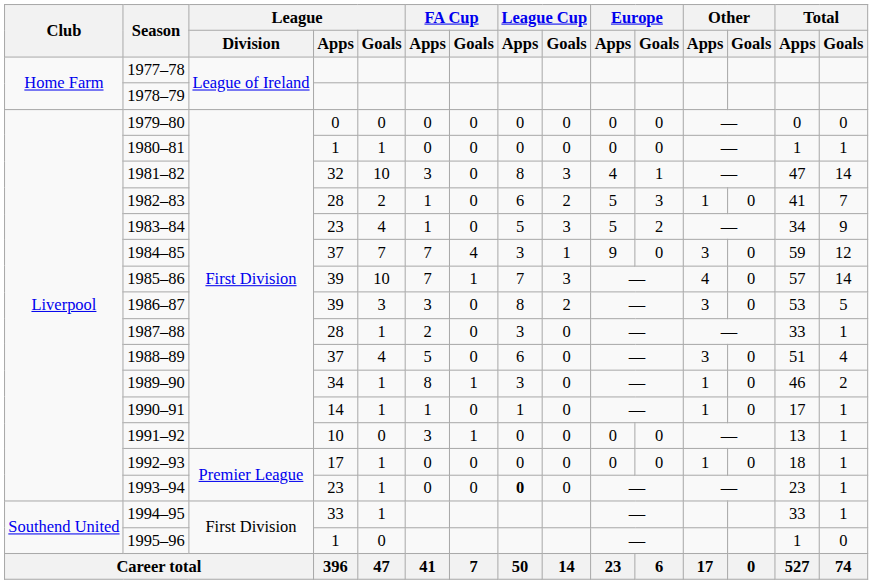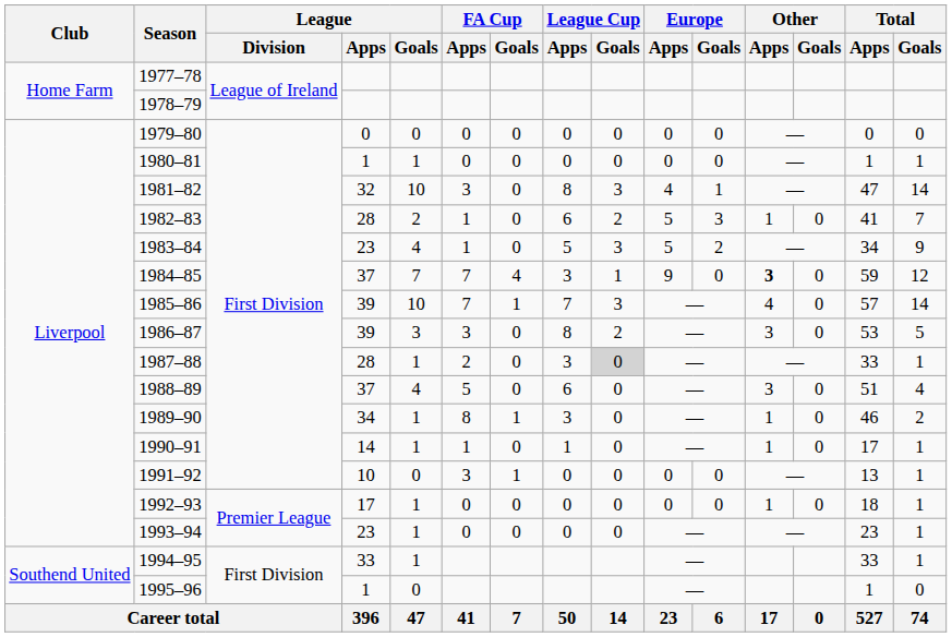 <table class="wikitable" style="text-align:center">
 <tr>
 <th rowspan="2">Club</th>
 <th rowspan="2">Season</th>
 <th colspan="3">League</th>
 <th colspan="2"><a href='#'>FA Cup</a></th>
 <th colspan="2"><a href='#'>League Cup</a></th>
 <th colspan="2"><a href='#'>Europe</a></th>
 <th colspan="2">Other</th>
 <th colspan="2">Total</th>
 </tr>
 <tr>
 <th>Division</th>
 <th>Apps</th>
 <th>Goals</th>
 <th>Apps</th>
 <th>Goals</th>
 <th>Apps</th>
 <th>Goals</th>
 <th>Apps</th>
 <th>Goals</th>
 <th>Apps</th>
 <th>Goals</th>
 <th>Apps</th>
 <th>Goals</th>
 </tr>
 <tr>
 <td rowspan="2"><a href='#'>Home Farm</a></td>
 <td>1977–78</td>
 <td rowspan="2"><a href='#'>League of Ireland</a></td>
 <td></td>
 <td></td>
 <td></td>
 <td></td>
 <td></td>
 <td></td>
 <td></td>
 <td></td>
 <td></td>
 <td></td>
 <td></td>
 <td></td>
 </tr>
 <tr>
 <td>1978–79</td>
 <td></td>
 <td></td>
 <td></td>
 <td></td>
 <td></td>
 <td></td>
 <td></td>
 <td></td>
 <td></td>
 <td></td>
 <td></td>
 <td></td>
 </tr>
 <tr>
 <td rowspan="15"><a href='#'>Liverpool</a></td>
 <td>1979–80</td>
 <td rowspan="13"><a href='#'>First Division</a></td>
 <td>0</td>
 <td>0</td>
 <td>0</td>
 <td>0</td>
 <td>0</td>
 <td>0</td>
 <td>0</td>
 <td>0</td>
 <td colspan="2">—</td>
 <td>0</td>
 <td>0</td>
 </tr>
 <tr>
 <td>1980–81</td>
 <td>1</td>
 <td>1</td>
 <td>0</td>
 <td>0</td>
 <td>0</td>
 <td>0</td>
 <td>0</td>
 <td>0</td>
 <td colspan="2">—</td>
 <td>1</td>
 <td>1</td>
 </tr>
 <tr>
 <td>1981–82</td>
 <td>32</td>
 <td>10</td>
 <td>3</td>
 <td>0</td>
 <td>8</td>
 <td>3</td>
 <td>4</td>
 <td>1</td>
 <td colspan="2">—</td>
 <td>47</td>
 <td>14</td>
 </tr>
 <tr>
 <td>1982–83</td>
 <td>28</td>
 <td>2</td>
 <td>1</td>
 <td>0</td>
 <td>6</td>
 <td>2</td>
 <td>5</td>
 <td>3</td>
 <td>1</td>
 <td>0</td>
 <td>41</td>
 <td>7</td>
 </tr>
 <tr>
 <td>1983–84</td>
 <td>23</td>
 <td>4</td>
 <td>1</td>
 <td>0</td>
 <td>5</td>
 <td>3</td>
 <td>5</td>
 <td>2</td>
 <td colspan="2">—</td>
 <td>34</td>
 <td>9</td>
 </tr>
 <tr>
 <td>1984–85</td>
 <td>37</td>
 <td>7</td>
 <td>7</td>
 <td>4</td>
 <td>3</td>
 <td>1</td>
 <td>9</td>
 <td>0</td>
-<td>3</td>
+<td><strong>3</strong></td>
 <td>0</td>
 <td>59</td>
 <td>12</td>
 </tr>
 <tr>
 <td>1985–86</td>
 <td>39</td>
 <td>10</td>
 <td>7</td>
 <td>1</td>
 <td>7</td>
 <td>3</td>
 <td colspan="2">—</td>
 <td>4</td>
 <td>0</td>
 <td>57</td>
 <td>14</td>
 </tr>
 <tr>
 <td>1986–87</td>
 <td>39</td>
 <td>3</td>
 <td>3</td>
 <td>0</td>
 <td>8</td>
 <td>2</td>
 <td colspan="2">—</td>
 <td>3</td>
 <td>0</td>
 <td>53</td>
 <td>5</td>
 </tr>
 <tr>
 <td>1987–88</td>
 <td>28</td>
 <td>1</td>
 <td>2</td>
 <td>0</td>
 <td>3</td>
-<td>0</td>
+<td style="background: lightgrey;">0</td>
 <td colspan="2">—</td>
 <td colspan="2">—</td>
 <td>33</td>
 <td>1</td>
 </tr>
 <tr>
 <td>1988–89</td>
 <td>37</td>
 <td>4</td>
 <td>5</td>
 <td>0</td>
 <td>6</td>
 <td>0</td>
 <td colspan="2">—</td>
 <td>3</td>
 <td>0</td>
 <td>51</td>
 <td>4</td>
 </tr>
 <tr>
 <td>1989–90</td>
 <td>34</td>
 <td>1</td>
 <td>8</td>
 <td>1</td>
 <td>3</td>
 <td>0</td>
 <td colspan="2">—</td>
 <td>1</td>
 <td>0</td>
 <td>46</td>
 <td>2</td>
 </tr>
 <tr>
 <td>1990–91</td>
 <td>14</td>
 <td>1</td>
 <td>1</td>
 <td>0</td>
 <td>1</td>
 <td>0</td>
 <td colspan="2">—</td>
 <td>1</td>
 <td>0</td>
 <td>17</td>
 <td>1</td>
 </tr>
 <tr>
 <td>1991–92</td>
 <td>10</td>
 <td>0</td>
 <td>3</td>
 <td>1</td>
 <td>0</td>
 <td>0</td>
 <td>0</td>
 <td>0</td>
 <td colspan="2">—</td>
 <td>13</td>
 <td>1</td>
 </tr>
 <tr>
 <td>1992–93</td>
 <td rowspan="2"><a href='#'>Premier League</a></td>
 <td>17</td>
 <td>1</td>
 <td>0</td>
 <td>0</td>
 <td>0</td>
 <td>0</td>
 <td>0</td>
 <td>0</td>
 <td>1</td>
 <td>0</td>
 <td>18</td>
 <td>1</td>
 </tr>
 <tr>
 <td>1993–94</td>
 <td>23</td>
 <td>1</td>
 <td>0</td>
 <td>0</td>
-<td><strong>0</strong></td>
+<td>0</td>
 <td>0</td>
 <td colspan="2">—</td>
 <td colspan="2">—</td>
 <td>23</td>
 <td>1</td>
 </tr>
 <tr>
 <td rowspan="2"><a href='#'>Southend United</a></td>
 <td>1994–95</td>
 <td rowspan="2">First Division</td>
 <td>33</td>
 <td>1</td>
 <td></td>
 <td></td>
 <td></td>
 <td></td>
 <td colspan="2">—</td>
 <td></td>
 <td></td>
 <td>33</td>
 <td>1</td>
 </tr>
 <tr>
 <td>1995–96</td>
 <td>1</td>
 <td>0</td>
 <td></td>
 <td></td>
 <td></td>
 <td></td>
 <td colspan="2">—</td>
 <td></td>
 <td></td>
 <td>1</td>
 <td>0</td>
 </tr>
 <tr>
 <th colspan="3">Career total</th>
 <th>396</th>
 <th>47</th>
 <th>41</th>
 <th>7</th>
 <th>50</th>
 <th>14</th>
 <th>23</th>
 <th>6</th>
 <th>17</th>
 <th>0</th>
 <th>527</th>
 <th>74</th>
 </tr>
 </table>
